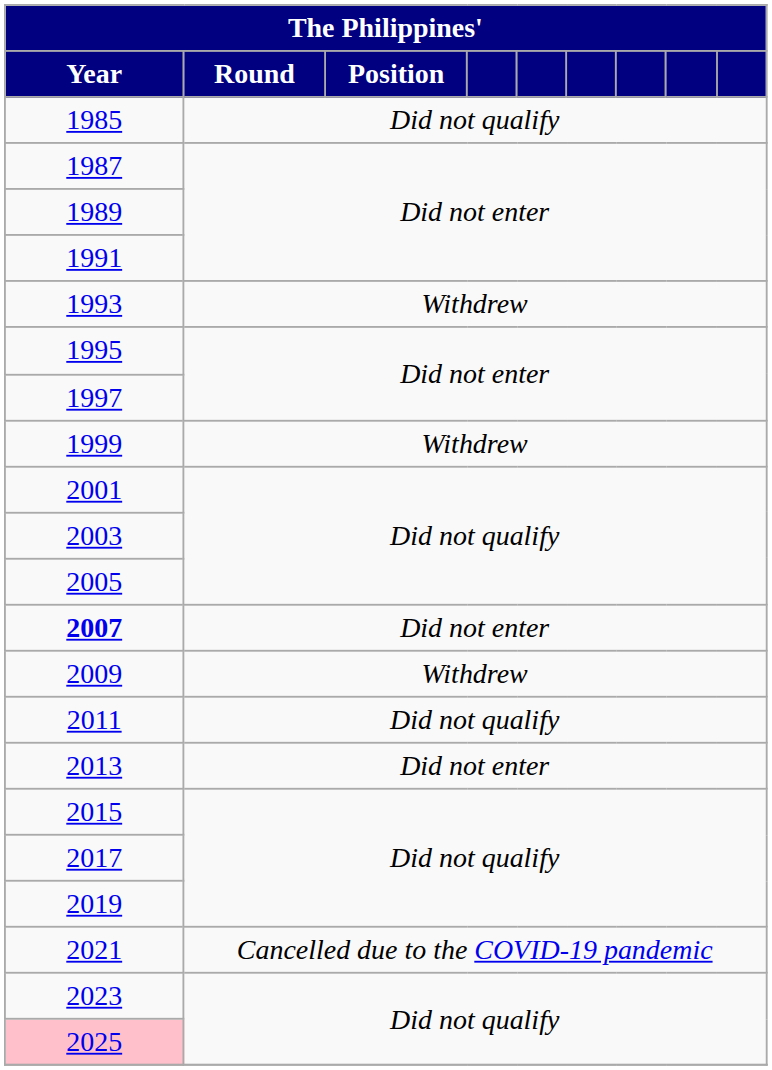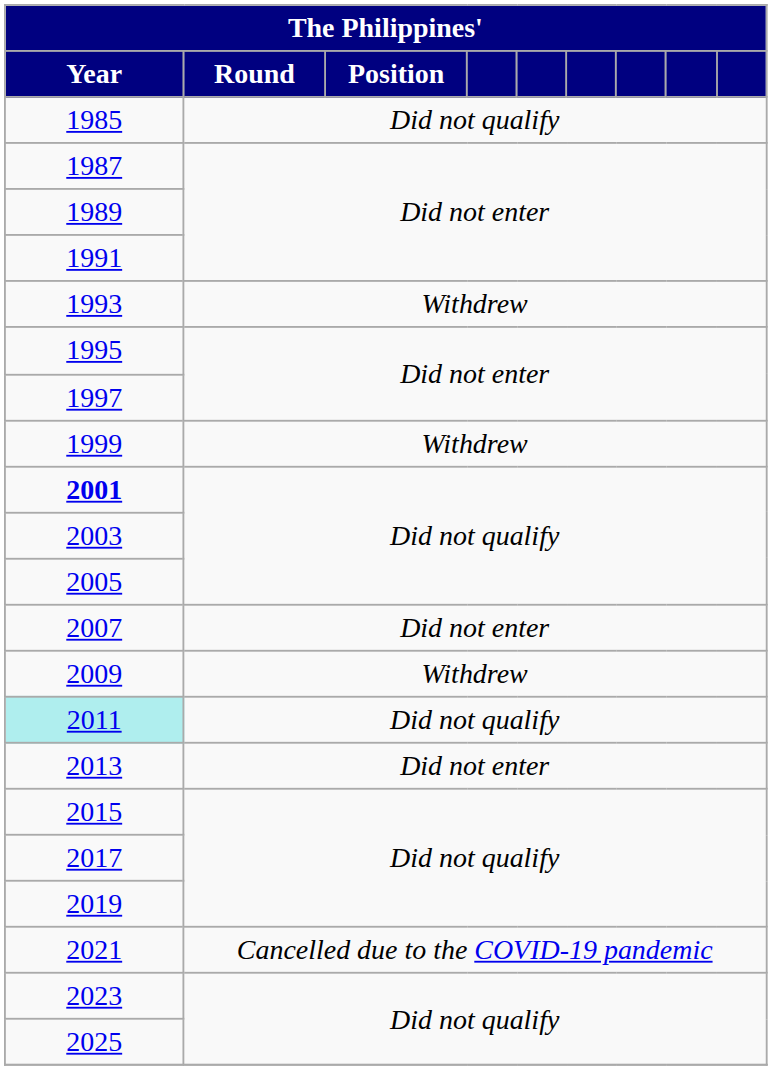 <table class="wikitable" style="text-align: center; font-size:95%;">
 <tr>
 <th colspan="10" style="background:#000080; color: #FFFFFF;">The Philippines' <a href='#'></a></th>
 </tr>
 <tr>
 <th style="background:#000080;color:white;"width=90>Year</th>
 <th style="background:#000080;color:white;"width="70">Round</th>
 <th style="background:#000080;color:white;"width="70">Position</th>
 <th style="background:#000080;color:white;"width="20"></th>
 <th style="background:#000080;color:white;"width="20"></th>
 <th style="background:#000080;color:white;"width="20"></th>
 <th style="background:#000080;color:white;"width="20"></th>
 <th style="background:#000080;color:white;"width="20"></th>
 <th style="background:#000080;color:white;"width="20"></th>
 </tr>
 <tr>
 <td> <a href='#'>1985</a></td>
 <td colspan=9><em>Did not qualify</em></td>
 </tr>
 <tr>
 <td> <a href='#'>1987</a></td>
 <td rowspan=3 colspan=9><em>Did not enter</em></td>
 </tr>
 <tr>
 <td> <a href='#'>1989</a></td>
 </tr>
 <tr>
 <td> <a href='#'>1991</a></td>
 </tr>
 <tr>
 <td> <a href='#'>1993</a></td>
 <td colspan=9><em>Withdrew</em></td>
 </tr>
 <tr>
 <td> <a href='#'>1995</a></td>
 <td rowspan=2 colspan=9><em>Did not enter</em></td>
 </tr>
 <tr>
 <td> <a href='#'>1997</a></td>
 </tr>
 <tr>
 <td> <a href='#'>1999</a></td>
 <td colspan=9><em>Withdrew</em></td>
 </tr>
 <tr>
-<td> <a href='#'>2001</a></td>
+<td><strong> <a href='#'>2001</a></strong></td>
 <td rowspan=3 colspan=9><em>Did not qualify</em></td>
 </tr>
 <tr>
 <td> <a href='#'>2003</a></td>
 </tr>
 <tr>
 <td> <a href='#'>2005</a></td>
 </tr>
 <tr>
-<td><strong> <a href='#'>2007</a></strong></td>
+<td> <a href='#'>2007</a></td>
 <td colspan=9><em>Did not enter</em></td>
 </tr>
 <tr>
 <td> <a href='#'>2009</a></td>
 <td colspan=9><em>Withdrew</em></td>
 </tr>
 <tr>
-<td> <a href='#'>2011</a></td>
+<td style="background: paleturquoise;"> <a href='#'>2011</a></td>
 <td colspan=9><em>Did not qualify</em></td>
 </tr>
 <tr>
 <td> <a href='#'>2013</a></td>
 <td colspan=9><em>Did not enter</em></td>
 </tr>
 <tr>
 <td> <a href='#'>2015</a></td>
 <td rowspan=3 colspan=9><em>Did not qualify</em></td>
 </tr>
 <tr>
 <td> <a href='#'>2017</a></td>
 </tr>
 <tr>
 <td> <a href='#'>2019</a></td>
 </tr>
 <tr>
 <td> <a href='#'>2021</a></td>
 <td colspan=9><em>Cancelled due to the <a href='#'>COVID-19 pandemic</a></em></td>
 </tr>
 <tr>
 <td> <a href='#'>2023</a></td>
 <td rowspan=2 colspan=9><em>Did not qualify</em></td>
 </tr>
 <tr>
-<td style="background: pink;"> <a href='#'>2025</a></td>
+<td> <a href='#'>2025</a></td>
 </tr>
 <tr>
 </tr>
 </table>
